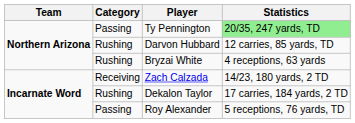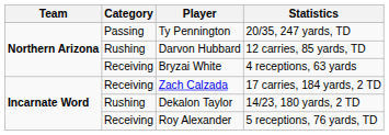 <table class="wikitable" style="float: right;">
 <tr>
 <th>Team</th>
 <th>Category</th>
 <th>Player</th>
 <th>Statistics</th>
 </tr>
 <tr>
 <td rowspan=3><strong>Northern Arizona</strong></td>
 <td>Passing</td>
 <td>Ty Pennington</td>
-<td style="background: lightgreen;">20/35, 247 yards, TD</td>
+<td>20/35, 247 yards, TD</td>
 </tr>
 <tr>
 <td>Rushing</td>
 <td>Darvon Hubbard</td>
 <td>12 carries, 85 yards, TD</td>
 </tr>
 <tr>
-<td>Rushing</td>
+<td>Receiving</td>
 <td>Bryzai White</td>
 <td>4 receptions, 63 yards</td>
 </tr>
 <tr>
 <td rowspan=3><strong>Incarnate Word</strong></td>
 <td>Receiving</td>
 <td><a href='#'>Zach Calzada</a></td>
-<td>14/23, 180 yards, 2 TD</td>
+<td>17 carries, 184 yards, 2 TD</td>
 </tr>
 <tr>
 <td>Rushing</td>
 <td>Dekalon Taylor</td>
-<td>17 carries, 184 yards, 2 TD</td>
+<td>14/23, 180 yards, 2 TD</td>
 </tr>
 <tr>
-<td>Passing</td>
+<td>Receiving</td>
 <td>Roy Alexander</td>
 <td>5 receptions, 76 yards, TD</td>
 </tr>
 </table>
